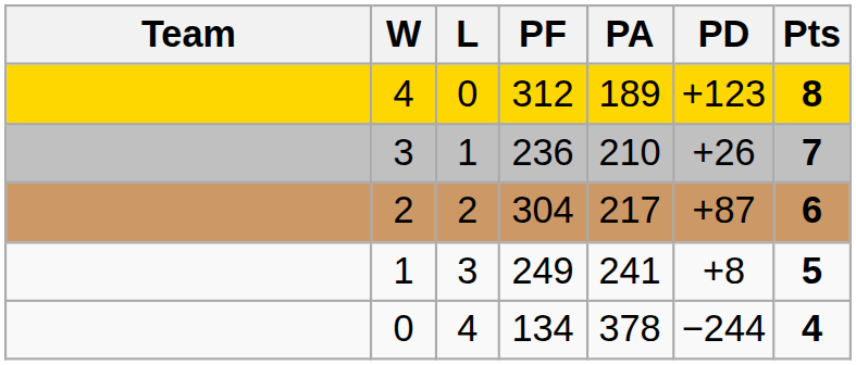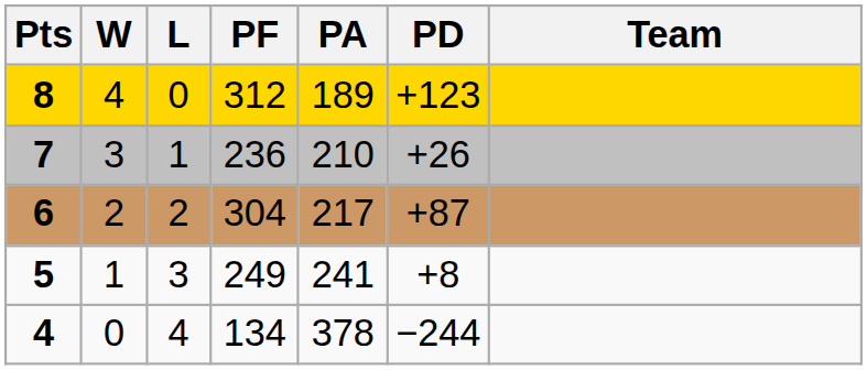 <table class="wikitable" style="text-align:center;">
 <tr>
-<th width=150>Team</th>
+<th width=20>Pts</th>
 <th width=20>W</th>
 <th width=20>L</th>
 <th width=30>PF</th>
 <th width=30>PA</th>
 <th width=30>PD</th>
-<th width=20>Pts</th>
+<th width=150>Team</th>
 </tr>
 <tr bgcolor="gold">
-<td align="left"></td>
+<td><strong>8</strong></td>
 <td>4</td>
 <td>0</td>
 <td>312</td>
 <td>189</td>
 <td>+123</td>
-<td><strong>8</strong></td>
+<td align="left"></td>
 </tr>
 <tr bgcolor="silver">
-<td align="left"></td>
+<td><strong>7</strong></td>
 <td>3</td>
 <td>1</td>
 <td>236</td>
 <td>210</td>
 <td>+26</td>
-<td><strong>7</strong></td>
+<td align="left"></td>
 </tr>
 <tr bgcolor="#cc9966">
-<td align="left"></td>
+<td><strong>6</strong></td>
 <td>2</td>
 <td>2</td>
 <td>304</td>
 <td>217</td>
 <td>+87</td>
-<td><strong>6</strong></td>
+<td align="left"></td>
 </tr>
 <tr>
-<td align="left"></td>
+<td><strong>5</strong></td>
 <td>1</td>
 <td>3</td>
 <td>249</td>
 <td>241</td>
 <td>+8</td>
-<td><strong>5</strong></td>
+<td align="left"></td>
 </tr>
 <tr>
-<td align="left"></td>
+<td><strong>4</strong></td>
 <td>0</td>
 <td>4</td>
 <td>134</td>
 <td>378</td>
 <td>−244</td>
-<td><strong>4</strong></td>
+<td align="left"></td>
 </tr>
 </table>
